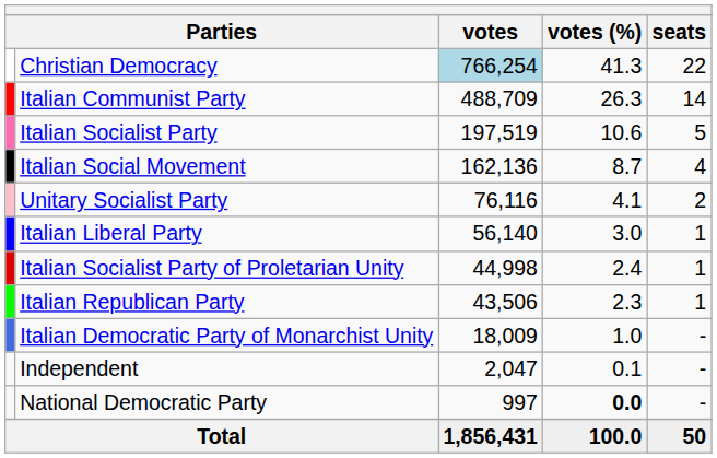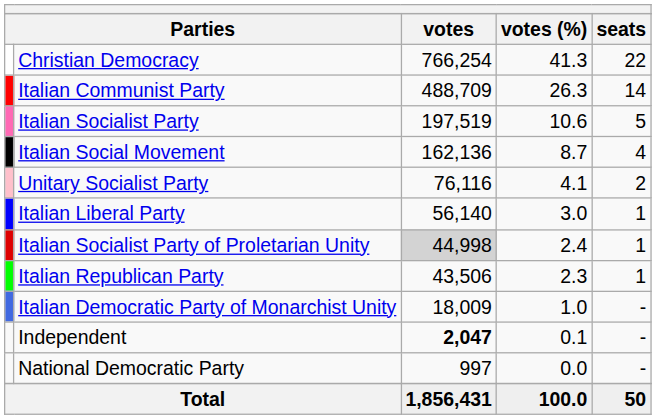 <table class="wikitable" style="font-size:95%">
 <tr>
 <th colspan=5></th>
 </tr>
 <tr>
 </tr>
 <tr bgcolor="EFEFEF">
 <th colspan=2>Parties</th>
 <th>votes</th>
 <th>votes (%)</th>
 <th>seats</th>
 </tr>
 <tr>
 <td bgcolor=White></td>
 <td><a href='#'>Christian Democracy</a></td>
-<td align=right style="background: lightblue;">766,254</td>
+<td align=right>766,254</td>
 <td align=right>41.3</td>
 <td align=right>22</td>
 </tr>
 <tr>
 <td bgcolor=Red></td>
 <td><a href='#'>Italian Communist Party</a></td>
 <td align=right>488,709</td>
 <td align=right>26.3</td>
 <td align=right>14</td>
 </tr>
 <tr>
 <td bgcolor=Hotpink></td>
 <td><a href='#'>Italian Socialist Party</a></td>
 <td align=right>197,519</td>
 <td align=right>10.6</td>
 <td align=right>5</td>
 </tr>
 <tr>
 <td bgcolor=Black></td>
 <td><a href='#'>Italian Social Movement</a></td>
 <td align=right>162,136</td>
 <td align=right>8.7</td>
 <td align=right>4</td>
 </tr>
 <tr>
 <td bgcolor=Pink></td>
 <td><a href='#'>Unitary Socialist Party</a></td>
 <td align=right>76,116</td>
 <td align=right>4.1</td>
 <td align=right>2</td>
 </tr>
 <tr>
 <td bgcolor=Blue></td>
 <td><a href='#'>Italian Liberal Party</a></td>
 <td align=right>56,140</td>
 <td align=right>3.0</td>
 <td align=right>1</td>
 </tr>
 <tr>
 <td bgcolor=Deppink></td>
 <td><a href='#'>Italian Socialist Party of Proletarian Unity</a></td>
-<td align=right>44,998</td>
+<td align=right style="background: lightgrey;">44,998</td>
 <td align=right>2.4</td>
 <td align=right>1</td>
 </tr>
 <tr>
 <td bgcolor=Lime></td>
 <td><a href='#'>Italian Republican Party</a></td>
 <td align=right>43,506</td>
 <td align=right>2.3</td>
 <td align=right>1</td>
 </tr>
 <tr>
 <td bgcolor=Royalblue></td>
 <td><a href='#'>Italian Democratic Party of Monarchist Unity</a></td>
 <td align=right>18,009</td>
 <td align=right>1.0</td>
 <td align=right>-</td>
 </tr>
 <tr>
 <td bgcolor=></td>
 <td>Independent</td>
-<td align=right>2,047</td>
+<td align=right><strong>2,047</strong></td>
 <td align=right>0.1</td>
 <td align=right>-</td>
 </tr>
 <tr>
 <td bgcolor=></td>
 <td>National Democratic Party</td>
 <td align=right>997</td>
-<td align=right><strong>0.0</strong></td>
+<td align=right>0.0</td>
 <td align=right>-</td>
 </tr>
 <tr>
 </tr>
 <tr bgcolor="EFEFEF">
 <th colspan=2><strong>Total</strong></th>
 <td align=right><strong>1,856,431</strong></td>
 <td align=right><strong>100.0</strong></td>
 <td align=right><strong>50</strong></td>
 </tr>
 </table>
